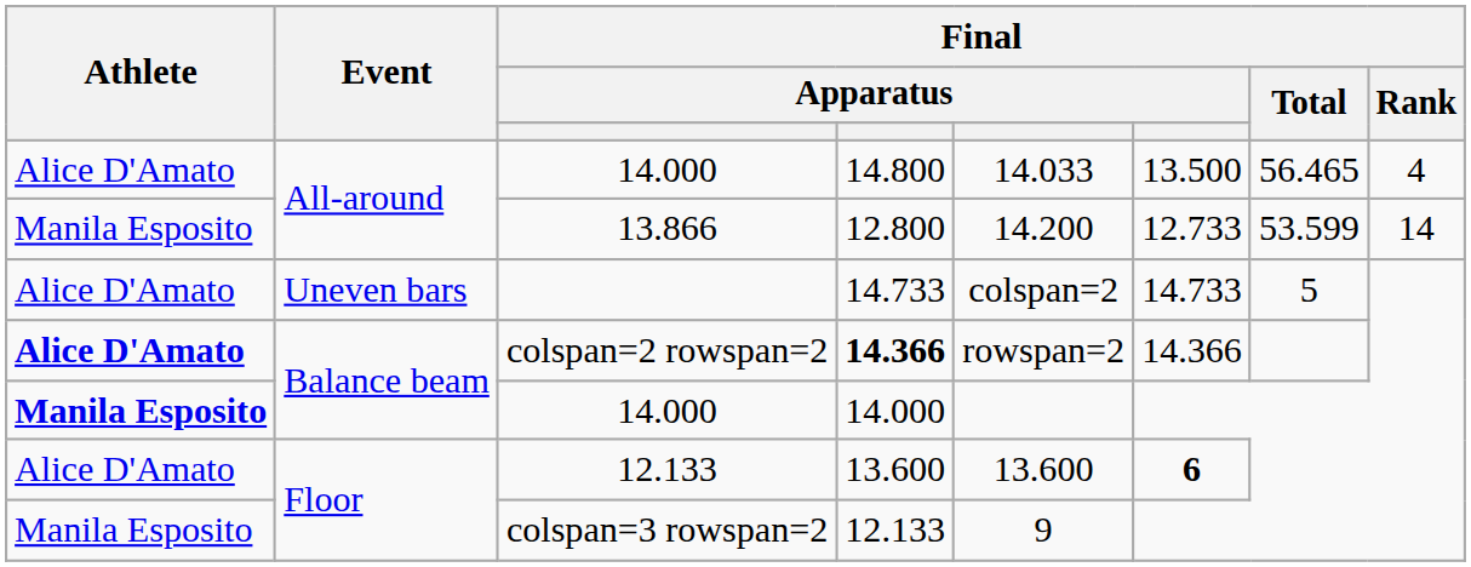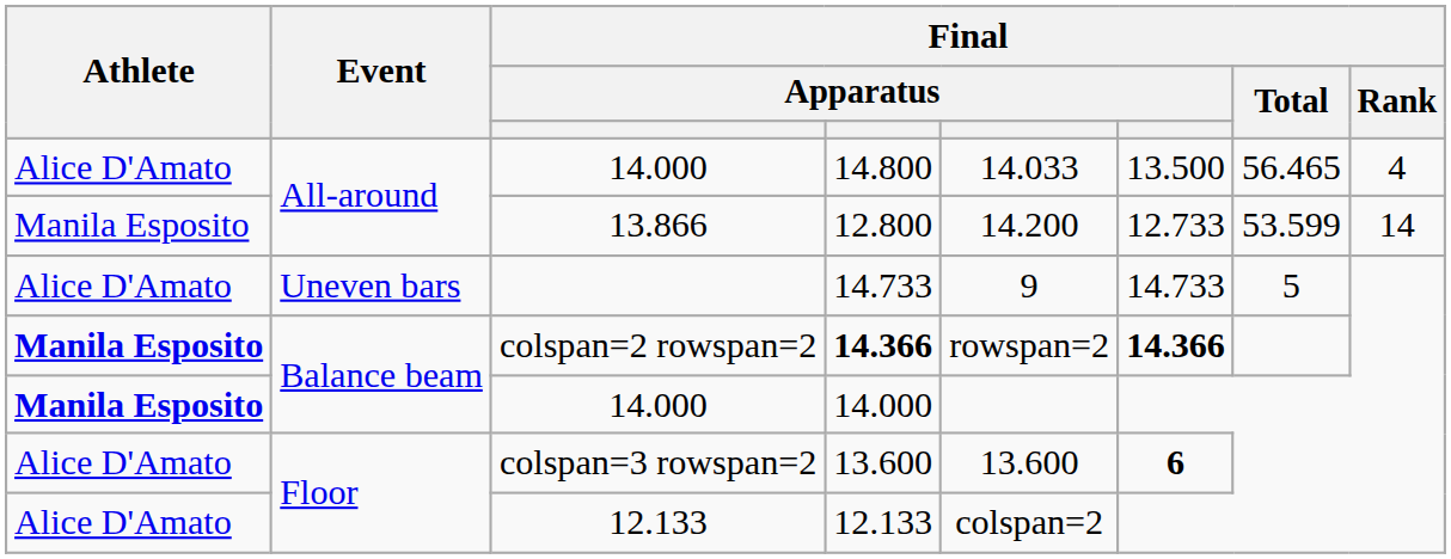 <table class=wikitable style=font-size:90%>
 <tr>
 <th rowspan=3>Athlete</th>
 <th rowspan=3>Event</th>
 <th colspan=6>Final</th>
 </tr>
 <tr style=font-size:95%>
 <th colspan=4>Apparatus</th>
 <th rowspan=2>Total</th>
 <th rowspan=2>Rank</th>
 </tr>
 <tr style=font-size:95%>
 <th></th>
 <th></th>
 <th></th>
 <th></th>
 </tr>
 <tr align=center>
 <td align=left><a href='#'>Alice D'Amato</a></td>
 <td align=left rowspan=2><a href='#'>All-around</a></td>
 <td>14.000</td>
 <td>14.800</td>
 <td>14.033</td>
 <td>13.500</td>
 <td>56.465</td>
 <td>4</td>
 </tr>
 <tr align=center>
 <td align=left><a href='#'>Manila Esposito</a></td>
 <td>13.866</td>
 <td>12.800</td>
 <td>14.200</td>
 <td>12.733</td>
 <td>53.599</td>
 <td>14</td>
 </tr>
 <tr align=center>
 <td align=left><a href='#'>Alice D'Amato</a></td>
 <td align=left><a href='#'>Uneven bars</a></td>
 <td></td>
 <td>14.733</td>
-<td>colspan=2 </td>
+<td>9</td>
 <td>14.733</td>
 <td>5</td>
 </tr>
 <tr align=center>
-<td align=left><strong><a href='#'>Alice D'Amato</a></strong></td>
+<td align=left><strong><a href='#'>Manila Esposito</a></strong></td>
 <td align=left rowspan=2><a href='#'>Balance beam</a></td>
 <td>colspan=2 rowspan=2 </td>
 <td><strong>14.366</strong></td>
 <td>rowspan=2 </td>
-<td>14.366</td>
+<td><strong>14.366</strong></td>
 <td></td>
 </tr>
 <tr align=center>
 <td align=left><strong><a href='#'>Manila Esposito</a></strong></td>
 <td>14.000</td>
 <td>14.000</td>
 <td></td>
 </tr>
 <tr align=center>
 <td align=left><a href='#'>Alice D'Amato</a></td>
 <td align=left rowspan=2><a href='#'>Floor</a></td>
-<td>12.133</td>
+<td>colspan=3 rowspan=2 </td>
 <td>13.600</td>
 <td>13.600</td>
 <td><strong>6</strong></td>
 </tr>
 <tr align=center>
-<td align=left><a href='#'>Manila Esposito</a></td>
-<td>colspan=3 rowspan=2 </td>
+<td align=left><a href='#'>Alice D'Amato</a></td>
 <td>12.133</td>
-<td>9</td>
+<td>12.133</td>
+<td>colspan=2 </td>
 </tr>
 </table>
